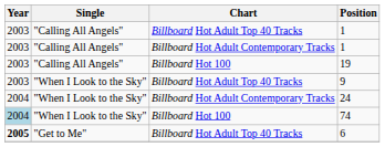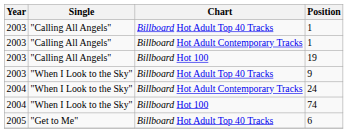 <table class="wikitable">
 <tr>
 <th align="left">Year</th>
 <th align="left">Single</th>
 <th align="left">Chart</th>
 <th align="left">Position</th>
 </tr>
 <tr>
 <td align="left">2003</td>
 <td align="left">"Calling All Angels"</td>
 <td align="left"><em><a href='#'>Billboard</a></em> <a href='#'>Hot Adult Top 40 Tracks</a></td>
 <td align="left">1</td>
 </tr>
 <tr>
 <td align="left">2003</td>
 <td align="left">"Calling All Angels"</td>
 <td align="left"><em>Billboard</em> <a href='#'>Hot Adult Contemporary Tracks</a></td>
 <td align="left">1</td>
 </tr>
 <tr>
 <td align="left">2003</td>
 <td align="left">"Calling All Angels"</td>
 <td align="left"><em>Billboard</em> <a href='#'>Hot 100</a></td>
 <td align="left">19</td>
 </tr>
 <tr>
 <td align="left">2003</td>
 <td align="left">"When I Look to the Sky"</td>
 <td align="left"><em>Billboard</em> <a href='#'>Hot Adult Top 40 Tracks</a></td>
 <td align="left">9</td>
 </tr>
 <tr>
 <td align="left">2004</td>
 <td align="left">"When I Look to the Sky"</td>
 <td align="left"><em>Billboard</em> <a href='#'>Hot Adult Contemporary Tracks</a></td>
 <td align="left">24</td>
 </tr>
 <tr>
-<td align="left" style="background: lightblue;">2004</td>
+<td align="left">2004</td>
 <td align="left">"When I Look to the Sky"</td>
 <td align="left"><em>Billboard</em> <a href='#'>Hot 100</a></td>
 <td align="left">74</td>
 </tr>
 <tr>
-<td align="left"><strong>2005</strong></td>
+<td align="left">2005</td>
 <td align="left">"Get to Me"</td>
 <td align="left"><em>Billboard</em> <a href='#'>Hot Adult Top 40 Tracks</a></td>
 <td align="left">6</td>
 </tr>
 <tr>
 </tr>
 </table>
